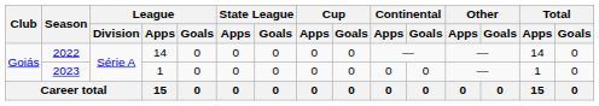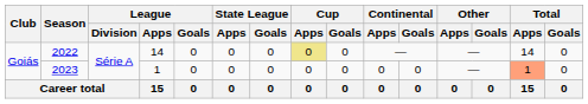 <table class="wikitable" style="text-align: center;">
 <tr>
 <th rowspan="2">Club</th>
 <th rowspan="2">Season</th>
 <th colspan="3">League</th>
 <th colspan="2">State League</th>
 <th colspan="2">Cup</th>
 <th colspan="2">Continental</th>
 <th colspan="2">Other</th>
 <th colspan="2">Total</th>
 </tr>
 <tr>
 <th>Division</th>
 <th>Apps</th>
 <th>Goals</th>
 <th>Apps</th>
 <th>Goals</th>
 <th>Apps</th>
 <th>Goals</th>
 <th>Apps</th>
 <th>Goals</th>
 <th>Apps</th>
 <th>Goals</th>
 <th>Apps</th>
 <th>Goals</th>
 </tr>
 <tr>
 <td rowspan="2" valign="center"><a href='#'>Goiás</a></td>
 <td><a href='#'>2022</a></td>
 <td rowspan="2"><a href='#'>Série A</a></td>
 <td>14</td>
 <td>0</td>
 <td>0</td>
 <td>0</td>
-<td>0</td>
+<td style="background: khaki;">0</td>
 <td>0</td>
 <td colspan="2">—</td>
 <td colspan="2">—</td>
 <td>14</td>
 <td>0</td>
 </tr>
 <tr>
 <td><a href='#'>2023</a></td>
 <td>1</td>
 <td>0</td>
 <td>0</td>
 <td>0</td>
 <td>0</td>
 <td>0</td>
 <td>0</td>
 <td>0</td>
 <td colspan="2">—</td>
-<td>1</td>
+<td style="background: lightsalmon;">1</td>
 <td>0</td>
 </tr>
 <tr>
 <th colspan="3"><strong>Career total</strong></th>
 <th>15</th>
 <th>0</th>
 <th>0</th>
 <th>0</th>
 <th>0</th>
 <th>0</th>
 <th>0</th>
 <th>0</th>
 <th>0</th>
 <th>0</th>
 <th>15</th>
 <th>0</th>
 </tr>
 </table>
